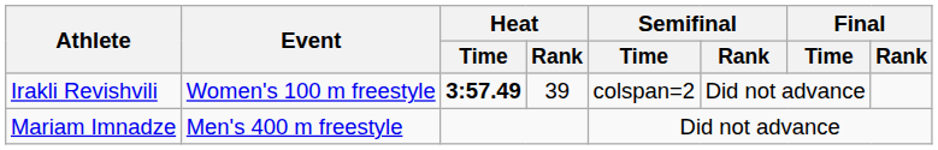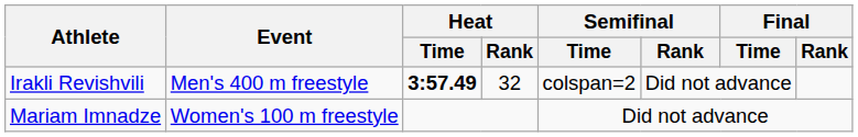 <table class=wikitable style="font-size:90%">
 <tr>
 <th rowspan="2">Athlete</th>
 <th rowspan="2">Event</th>
 <th colspan="2">Heat</th>
 <th colspan="2">Semifinal</th>
 <th colspan="2">Final</th>
 </tr>
 <tr style="font-size:95%">
 <th>Time</th>
 <th>Rank</th>
 <th>Time</th>
 <th>Rank</th>
 <th>Time</th>
 <th>Rank</th>
 </tr>
 <tr align=center>
 <td align=left><a href='#'>Irakli Revishvili</a></td>
-<td align=left><a href='#'>Women's 100 m freestyle</a></td>
+<td align=left><a href='#'>Men's 400 m freestyle</a></td>
 <td><strong>3:57.49</strong></td>
-<td>39</td>
+<td>32</td>
 <td>colspan=2 </td>
 <td colspan="2">Did not advance</td>
 </tr>
 <tr align=center>
 <td align=left><a href='#'>Mariam Imnadze</a></td>
-<td align=left><a href='#'>Men's 400 m freestyle</a></td>
+<td align=left><a href='#'>Women's 100 m freestyle</a></td>
 <td colspan="2"></td>
 <td colspan="4">Did not advance</td>
 </tr>
 </table>
